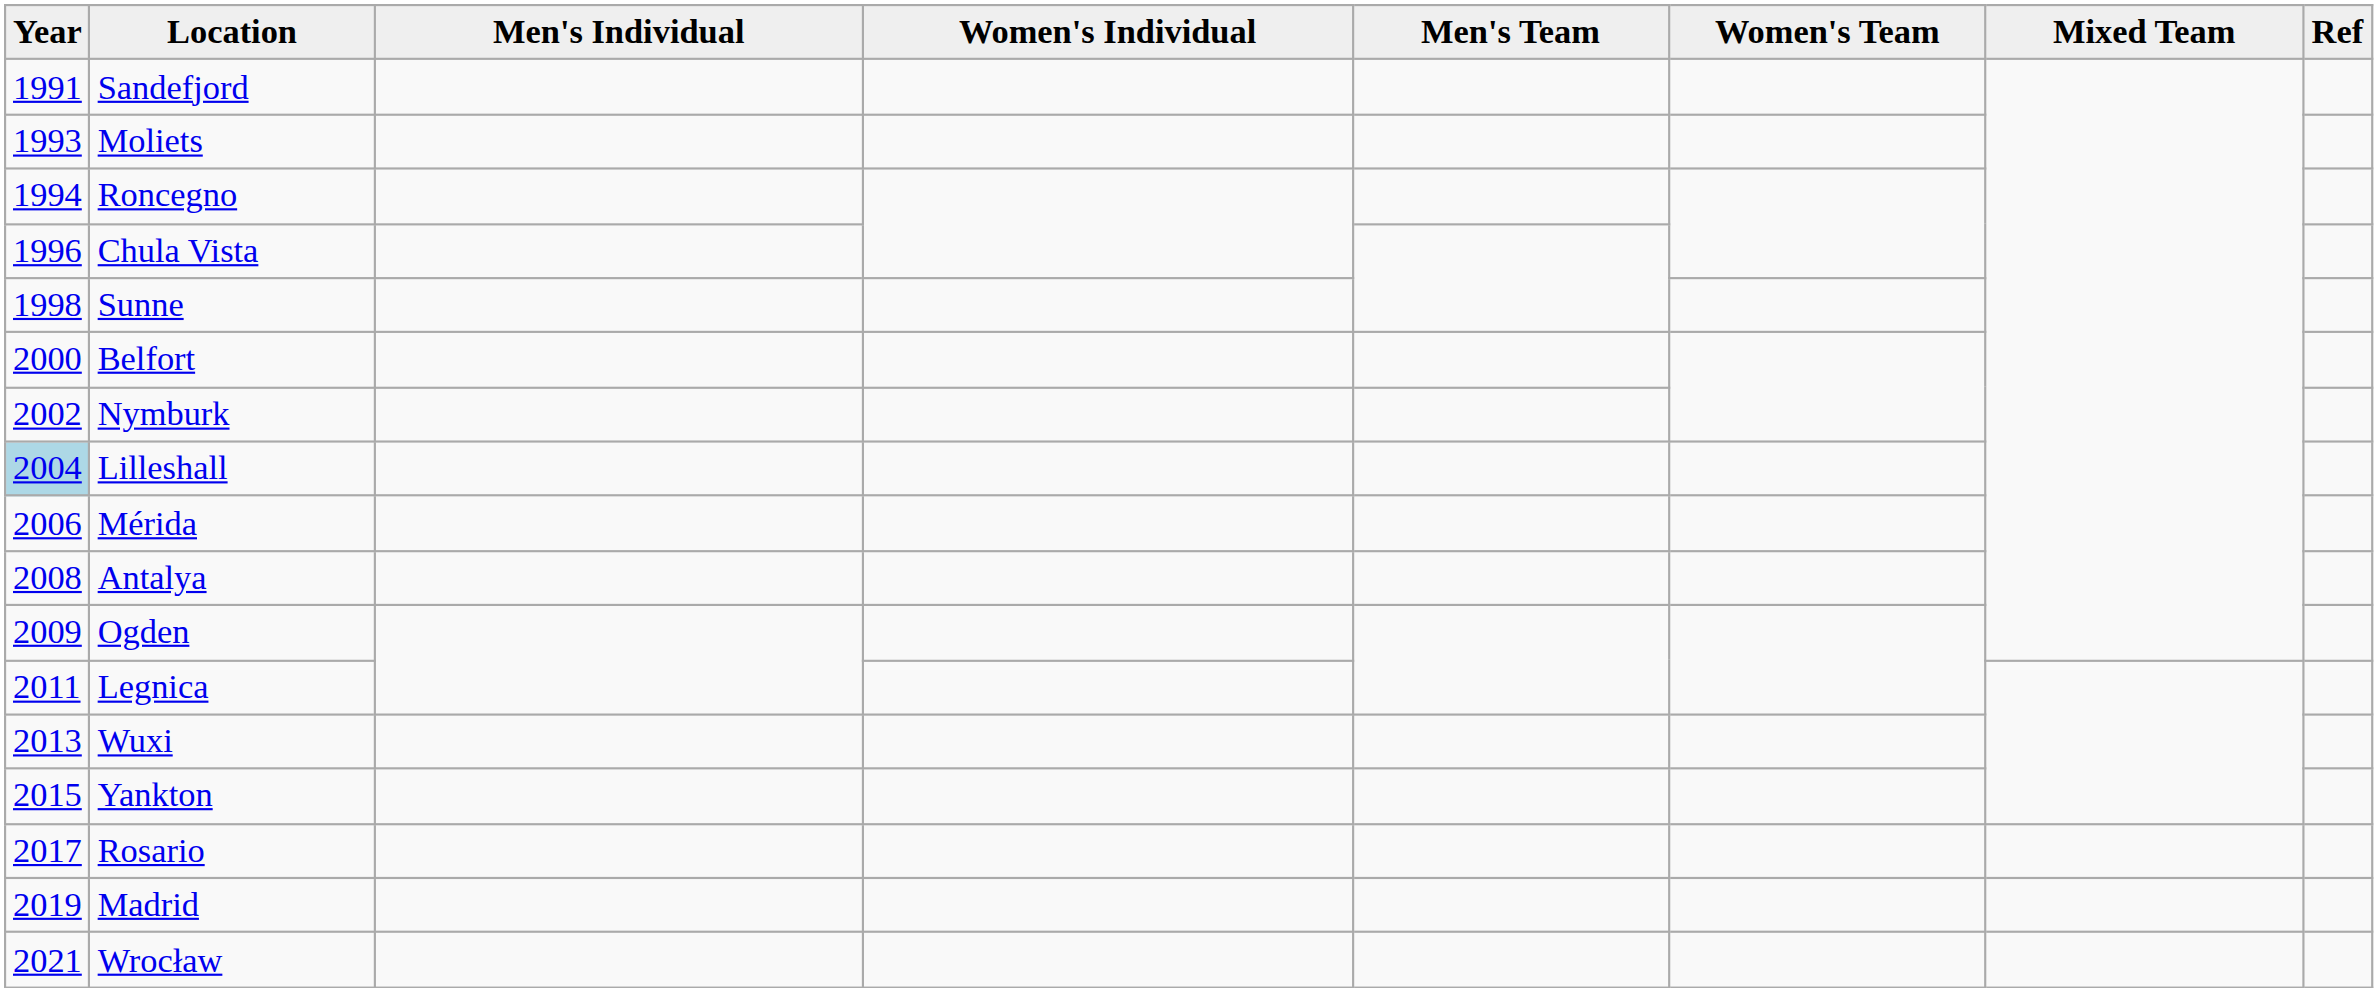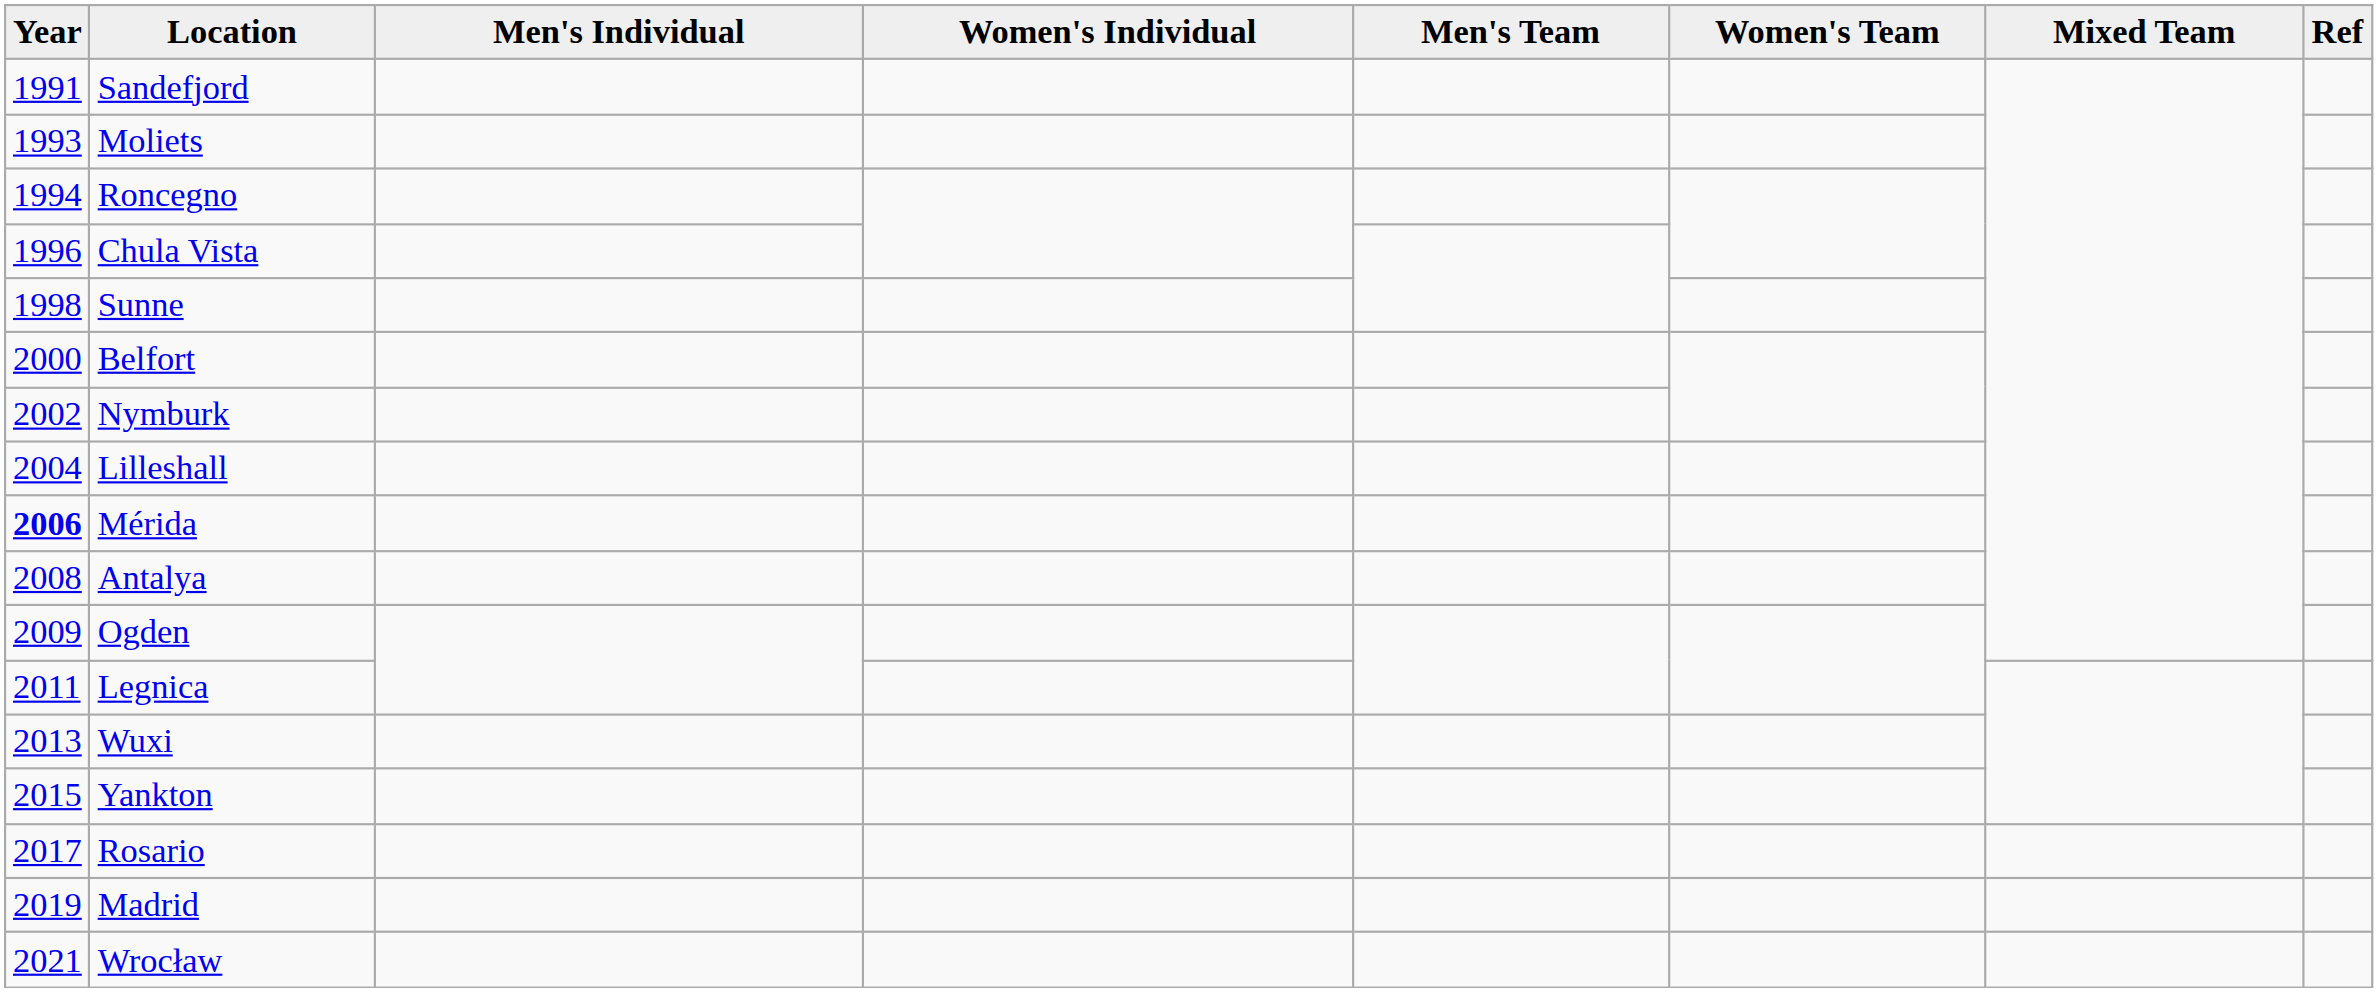 <table class="wikitable">
 <tr>
 <th scope="col" ! width="25" style="background: #efefef;">Year</th>
 <th scope="col" ! width="125" style="background: #efefef;">Location</th>
 <th scope="col" ! width="220" style="background: #efefef;">Men's Individual</th>
 <th scope="col" ! width="220" style="background: #efefef;">Women's Individual</th>
 <th scope="col" ! width="140" style="background: #efefef;">Men's Team</th>
 <th scope="col" ! width="140" style="background: #efefef;">Women's Team</th>
 <th scope="col" ! width="140" style="background: #efefef;">Mixed Team</th>
 <th scope="col" ! width="25" style="background: #efefef;">Ref</th>
 </tr>
 <tr>
 <td><a href='#'>1991</a></td>
 <td> <a href='#'>Sandefjord</a></td>
 <td></td>
 <td></td>
 <td></td>
 <td></td>
 <td rowspan=11></td>
 <td></td>
 </tr>
 <tr>
 <td><a href='#'>1993</a></td>
 <td> <a href='#'>Moliets</a></td>
 <td></td>
 <td></td>
 <td></td>
 <td></td>
 <td></td>
 </tr>
 <tr>
 <td><a href='#'>1994</a></td>
 <td> <a href='#'>Roncegno</a></td>
 <td></td>
 <td rowspan=2></td>
 <td></td>
 <td rowspan=2></td>
 <td></td>
 </tr>
 <tr>
 <td><a href='#'>1996</a></td>
 <td> <a href='#'>Chula Vista</a></td>
 <td></td>
 <td rowspan=2></td>
 <td></td>
 </tr>
 <tr>
 <td><a href='#'>1998</a></td>
 <td> <a href='#'>Sunne</a></td>
 <td></td>
 <td></td>
 <td></td>
 <td></td>
 </tr>
 <tr>
 <td><a href='#'>2000</a></td>
 <td> <a href='#'>Belfort</a></td>
 <td></td>
 <td></td>
 <td></td>
 <td rowspan=2></td>
 <td></td>
 </tr>
 <tr>
 <td><a href='#'>2002</a></td>
 <td> <a href='#'>Nymburk</a></td>
 <td></td>
 <td></td>
 <td></td>
 <td></td>
 </tr>
 <tr>
-<td style="background: lightblue;"><a href='#'>2004</a></td>
+<td><a href='#'>2004</a></td>
 <td> <a href='#'>Lilleshall</a></td>
 <td></td>
 <td></td>
 <td></td>
 <td></td>
 <td></td>
 </tr>
 <tr>
-<td><a href='#'>2006</a></td>
+<td><strong><a href='#'>2006</a></strong></td>
 <td> <a href='#'>Mérida</a></td>
 <td></td>
 <td></td>
 <td></td>
 <td></td>
 <td></td>
 </tr>
 <tr>
 <td><a href='#'>2008</a></td>
 <td> <a href='#'>Antalya</a></td>
 <td></td>
 <td></td>
 <td></td>
 <td></td>
 <td></td>
 </tr>
 <tr>
 <td><a href='#'>2009</a></td>
 <td> <a href='#'>Ogden</a></td>
 <td rowspan=2></td>
 <td></td>
 <td rowspan=2></td>
 <td rowspan=2></td>
 <td></td>
 </tr>
 <tr>
 <td><a href='#'>2011</a></td>
 <td> <a href='#'>Legnica</a></td>
 <td></td>
 <td rowspan=3></td>
 <td></td>
 </tr>
 <tr>
 <td><a href='#'>2013</a></td>
 <td> <a href='#'>Wuxi</a></td>
 <td></td>
 <td></td>
 <td></td>
 <td></td>
 <td></td>
 </tr>
 <tr>
 <td><a href='#'>2015</a></td>
 <td> <a href='#'>Yankton</a></td>
 <td></td>
 <td></td>
 <td></td>
 <td></td>
 <td></td>
 </tr>
 <tr>
 <td><a href='#'>2017</a></td>
 <td> <a href='#'>Rosario</a></td>
 <td></td>
 <td></td>
 <td></td>
 <td></td>
 <td></td>
 <td></td>
 </tr>
 <tr>
 <td><a href='#'>2019</a></td>
 <td> <a href='#'>Madrid</a></td>
 <td></td>
 <td></td>
 <td></td>
 <td></td>
 <td></td>
 <td></td>
 </tr>
 <tr>
 <td><a href='#'>2021</a></td>
 <td> <a href='#'>Wrocław</a></td>
 <td></td>
 <td></td>
 <td></td>
 <td></td>
 <td></td>
 <td></td>
 </tr>
 </table>
